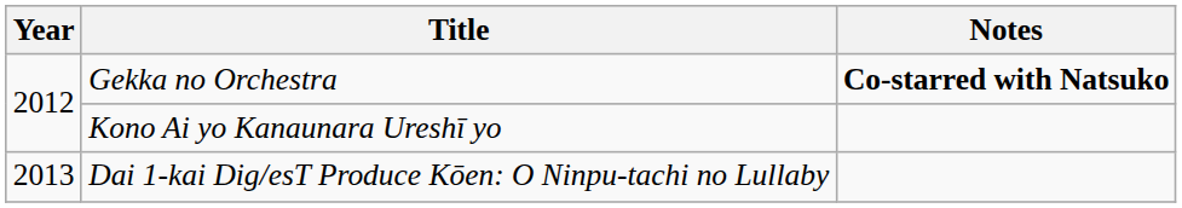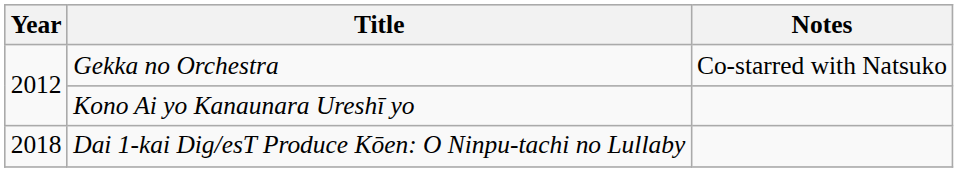 <table class="wikitable">
 <tr>
 <th>Year</th>
 <th>Title</th>
 <th>Notes</th>
 </tr>
 <tr>
 <td rowspan="2">2012</td>
 <td><em>Gekka no Orchestra</em></td>
-<td><strong>Co-starred with Natsuko</strong></td>
+<td>Co-starred with Natsuko</td>
 </tr>
 <tr>
 <td><em>Kono Ai yo Kanaunara Ureshī yo</em></td>
 <td></td>
 </tr>
 <tr>
-<td>2013</td>
+<td>2018</td>
 <td><em>Dai 1-kai Dig/esT Produce Kōen: O Ninpu-tachi no Lullaby</em></td>
 <td></td>
 </tr>
 </table>
